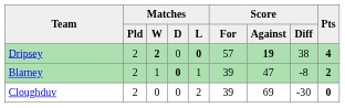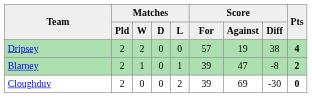 <table style=border-collapse:collapse border=1 cellspacing=0 cellpadding=5>
 <tr align=center bgcolor=#efefef>
 <th rowspan=2 width=165>Team</th>
 <th colspan=4>Matches</th>
 <th colspan=3>Score</th>
 <th rowspan=2width=20>Pts</th>
 </tr>
 <tr align=center bgcolor=#efefef>
 <th width=20>Pld</th>
 <th width=20>W</th>
 <th width=20>D</th>
 <th width=20>L</th>
 <th width=45>For</th>
 <th width=45>Against</th>
 <th width=30>Diff</th>
 </tr>
 <tr align=center style="background:#ACE1AF;">
 <td style="text-align:left;"><a href='#'>Dripsey</a></td>
 <td>2</td>
-<td><strong>2</strong></td>
+<td>2</td>
 <td>0</td>
-<td><strong>0</strong></td>
+<td>0</td>
 <td>57</td>
-<td><strong>19</strong></td>
+<td>19</td>
 <td>38</td>
 <td><strong>4</strong></td>
 </tr>
 <tr align=center style="background:#ACE1AF;">
 <td style="text-align:left;"><a href='#'>Blarney</a></td>
 <td>2</td>
 <td>1</td>
-<td><strong>0</strong></td>
+<td>0</td>
 <td>1</td>
 <td>39</td>
 <td>47</td>
 <td>-8</td>
 <td><strong>2</strong></td>
 </tr>
 <tr align=center>
 <td style="text-align:left;"><a href='#'>Cloughduv</a></td>
 <td>2</td>
 <td>0</td>
 <td>0</td>
 <td>2</td>
 <td>39</td>
 <td>69</td>
 <td>-30</td>
 <td><strong>0</strong></td>
 </tr>
 </table>
